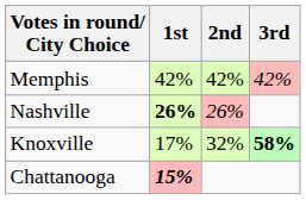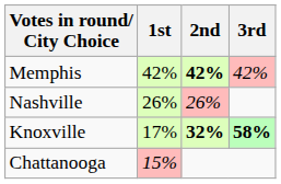 <table class="wikitable">
 <tr>
 <th>Votes in round/<br>City Choice</th>
 <th>1st</th>
 <th>2nd</th>
 <th>3rd</th>
 </tr>
 <tr>
 <td>Memphis</td>
 <td style="background:#dfb;">42%</td>
-<td style="background:#dfb;">42%</td>
+<td style="background:#dfb;"><strong>42%</strong></td>
 <td style="background:#fbb;"><em>42%</em></td>
 </tr>
 <tr>
 <td>Nashville</td>
-<td style="background:#dfb;"><strong>26%</strong></td>
+<td style="background:#dfb;">26%</td>
 <td style="background:#fbb;"><em>26%</em></td>
 </tr>
 <tr>
 <td>Knoxville</td>
 <td style="background:#dfb;">17%</td>
-<td style="background:#dfb;">32%</td>
+<td style="background:#dfb;"><strong>32%</strong></td>
 <td style="background:#bfb;"><strong>58%</strong></td>
 </tr>
 <tr>
 <td>Chattanooga</td>
-<td style="background:#fbb;"><strong><em>15%</em></strong></td>
+<td style="background:#fbb;"><em>15%</em></td>
 </tr>
 </table>
